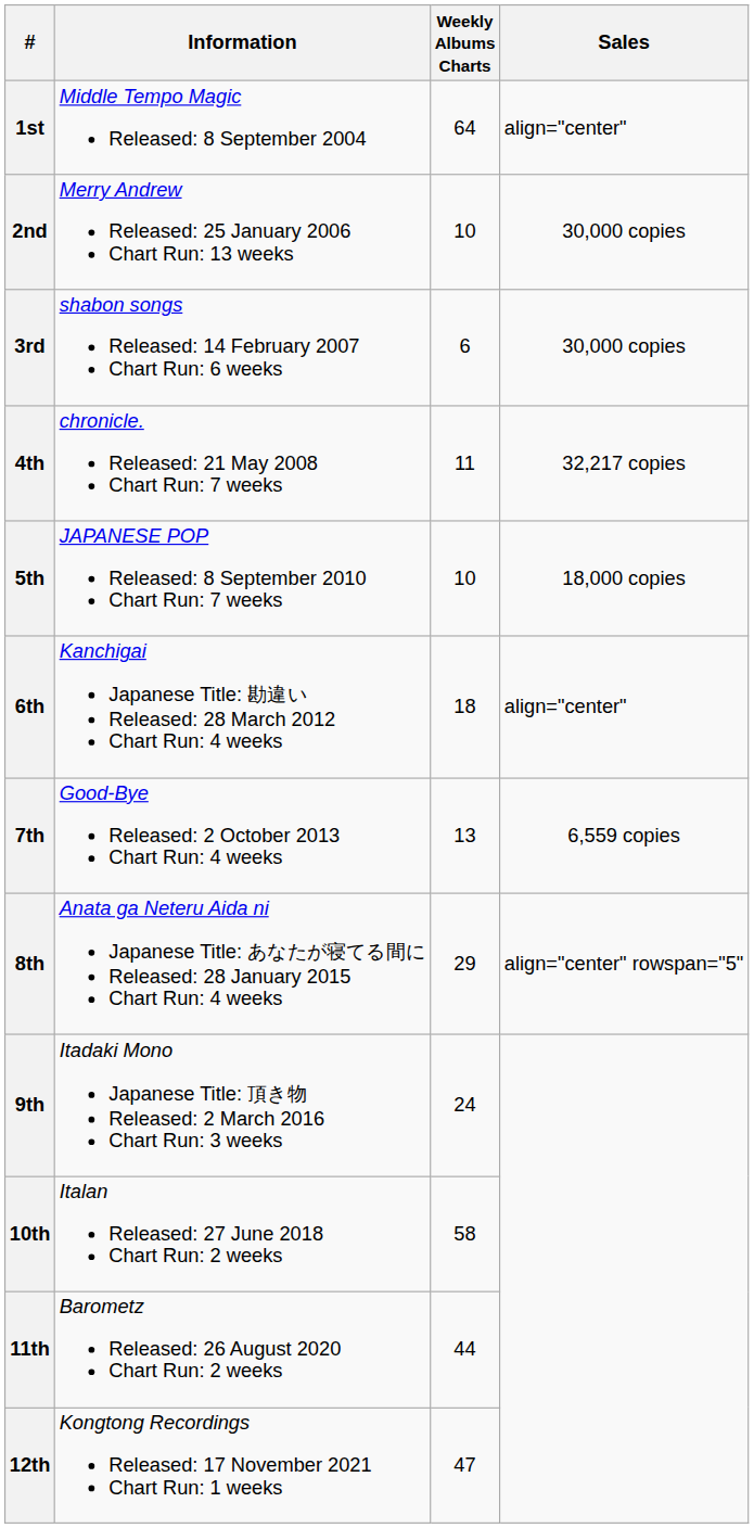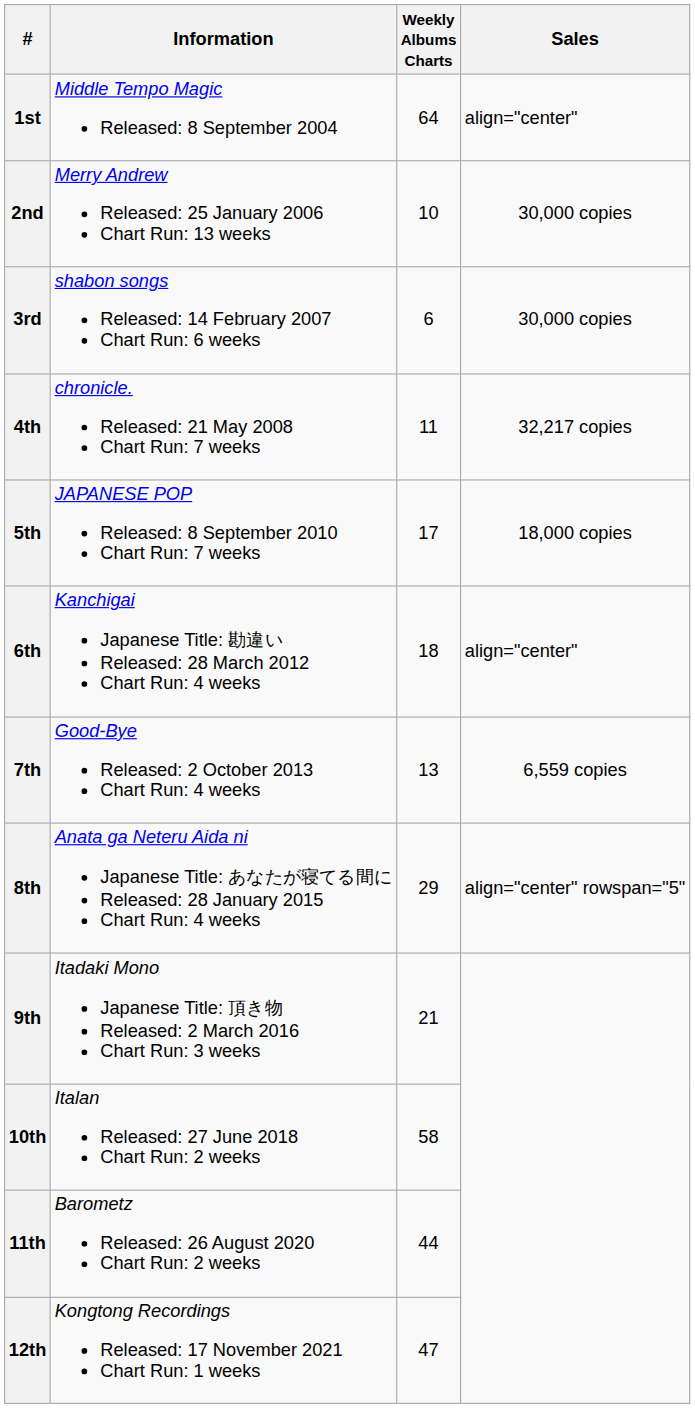 <table class="wikitable">
 <tr>
 <th>#</th>
 <th>Information</th>
 <th><small>Weekly<br>Albums<br>Charts</small></th>
 <th>Sales</th>
 </tr>
 <tr>
 <th>1st</th>
 <td><em><a href='#'>Middle Tempo Magic</a></em><br><ul><li>Released: 8 September 2004</li></ul></td>
 <td align="center">64</td>
 <td>align="center" </td>
 </tr>
 <tr>
 <th>2nd</th>
 <td><em><a href='#'>Merry Andrew</a></em><br><ul><li>Released: 25 January 2006</li><li>Chart Run: 13 weeks</li></ul></td>
 <td align="center">10</td>
 <td align="center">30,000 copies</td>
 </tr>
 <tr>
 <th>3rd</th>
 <td><em><a href='#'>shabon songs</a></em><br><ul><li>Released: 14 February 2007</li><li>Chart Run: 6 weeks</li></ul></td>
 <td align="center">6</td>
 <td align="center">30,000 copies</td>
 </tr>
 <tr>
 <th>4th</th>
 <td><em><a href='#'>chronicle.</a></em><br><ul><li>Released: 21 May 2008</li><li>Chart Run: 7 weeks</li></ul></td>
 <td align="center">11</td>
 <td align="center">32,217 copies</td>
 </tr>
 <tr>
 <th>5th</th>
 <td><em><a href='#'>JAPANESE POP</a></em><br><ul><li>Released: 8 September 2010</li><li>Chart Run: 7 weeks</li></ul></td>
-<td align="center">10</td>
+<td align="center">17</td>
 <td align="center">18,000 copies</td>
 </tr>
 <tr>
 <th>6th</th>
 <td><em><a href='#'>Kanchigai</a></em><br><ul><li>Japanese Title: 勘違い</li><li>Released: 28 March 2012</li><li>Chart Run: 4 weeks</li></ul></td>
 <td align="center">18</td>
 <td>align="center" </td>
 </tr>
 <tr>
 <th>7th</th>
 <td><em><a href='#'>Good-Bye</a></em><br><ul><li>Released: 2 October 2013</li><li>Chart Run: 4 weeks</li></ul></td>
 <td align="center">13</td>
 <td align="center">6,559 copies</td>
 </tr>
 <tr>
 <th>8th</th>
 <td><em><a href='#'>Anata ga Neteru Aida ni</a></em><br><ul><li>Japanese Title: あなたが寝てる間に</li><li>Released: 28 January 2015</li><li>Chart Run: 4 weeks</li></ul></td>
 <td align="center">29</td>
 <td>align="center" rowspan="5" </td>
 </tr>
 <tr>
 <th>9th</th>
 <td><em>Itadaki Mono</em><br><ul><li>Japanese Title: 頂き物</li><li>Released: 2 March 2016</li><li>Chart Run: 3 weeks</li></ul></td>
-<td align="center">24</td>
+<td align="center">21</td>
 </tr>
 <tr>
 <th>10th</th>
 <td><em>Italan</em><br><ul><li>Released: 27 June 2018</li><li>Chart Run: 2 weeks</li></ul></td>
 <td align="center">58</td>
 </tr>
 <tr>
 <th>11th</th>
 <td><em>Barometz</em><br><ul><li>Released: 26 August 2020</li><li>Chart Run: 2 weeks</li></ul></td>
 <td align="center">44</td>
 </tr>
 <tr>
 <th><strong>12th</strong></th>
 <td><em>Kongtong Recordings</em><br><ul><li>Released: 17 November 2021</li><li>Chart Run: 1 weeks</li></ul></td>
 <td align="center">47</td>
 </tr>
 </table>
